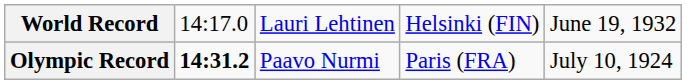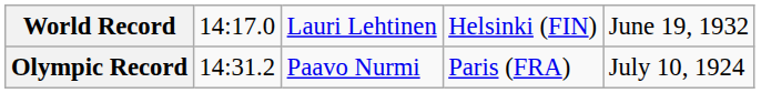 <table class="wikitable" style="font-size:95%;">
 <tr>
 <th>World Record</th>
 <td>14:17.0</td>
 <td> <a href='#'>Lauri Lehtinen</a></td>
 <td><a href='#'>Helsinki</a> (<a href='#'>FIN</a>)</td>
 <td>June 19, 1932</td>
 </tr>
 <tr>
 <th>Olympic Record</th>
-<td><strong>14:31.2</strong></td>
+<td>14:31.2</td>
 <td> <a href='#'>Paavo Nurmi</a></td>
 <td><a href='#'>Paris</a> (<a href='#'>FRA</a>)</td>
 <td>July 10, 1924</td>
 </tr>
 </table>
